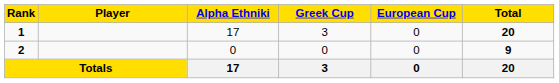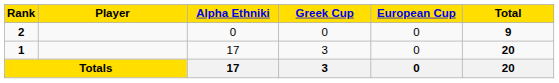 <table class="wikitable sortable" style="text-align:center">
 <tr>
 <th style="background:#FFDE00">Rank</th>
 <th width=200 style="background:#FFDE00">Player</th>
 <th width=120 style="background:#FFDE00"><a href='#'>Alpha Ethniki</a></th>
 <th width=120 style="background:#FFDE00"><a href='#'>Greek Cup</a></th>
 <th width=120 style="background:#FFDE00"><a href='#'>European Cup</a></th>
 <th width=120 style="background:#FFDE00">Total</th>
 </tr>
 <tr>
+<td><strong>2</strong></td>
+<td align=left></td>
+<td>0</td>
+<td>0</td>
+<td>0</td>
+<td><strong>9</strong></td>
+</tr>
+<tr>
 <td><strong>1</strong></td>
 <td align=left></td>
 <td>17</td>
 <td>3</td>
 <td>0</td>
 <td><strong>20</strong></td>
-</tr>
-<tr>
-<td><strong>2</strong></td>
-<td align=left></td>
-<td>0</td>
-<td>0</td>
-<td>0</td>
-<td><strong>9</strong></td>
 </tr>
 <tr class="sortbottom">
 <th colspan=2 style="background:#FFDE00"><strong>Totals</strong></th>
 <th><strong>17</strong></th>
 <th><strong> 3</strong></th>
 <th><strong> 0</strong></th>
 <th><strong>20</strong></th>
 </tr>
 </table>
